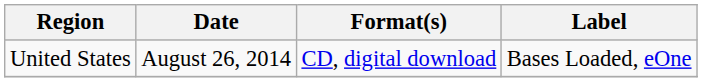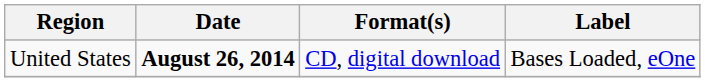 <table class="wikitable">
 <tr>
 <th>Region</th>
 <th>Date</th>
 <th>Format(s)</th>
 <th>Label</th>
 </tr>
 <tr>
 <td>United States</td>
-<td>August 26, 2014</td>
+<td><strong>August 26, 2014</strong></td>
 <td><a href='#'>CD</a>, <a href='#'>digital download</a></td>
 <td>Bases Loaded, <a href='#'>eOne</a></td>
 </tr>
 <tr>
 </tr>
 </table>
